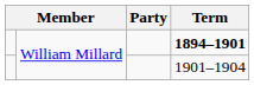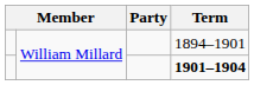 <table class="wikitable">
 <tr>
 <th colspan="2">Member</th>
 <th>Party</th>
 <th>Term</th>
 </tr>
 <tr>
 <td> </td>
 <td rowspan="2"><a href='#'>William Millard</a></td>
 <td></td>
-<td><strong>1894–1901</strong></td>
+<td>1894–1901</td>
 </tr>
 <tr>
 <td> </td>
 <td></td>
-<td>1901–1904</td>
+<td><strong>1901–1904</strong></td>
 </tr>
 </table>
